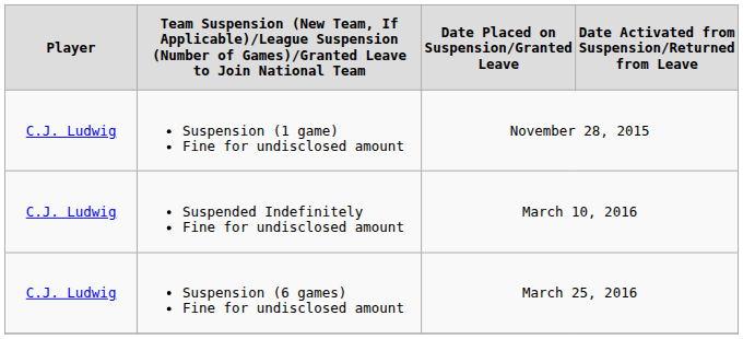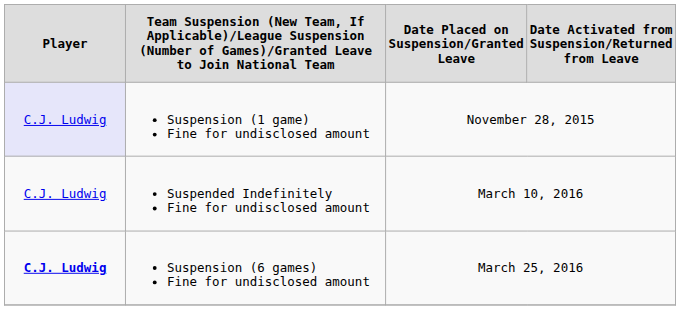 <table class="wikitable" style="text-align: center; width: 700px; height: 75px;">
 <tr align="center" bgcolor="#dddddd">
 <td style="width: 200px; height: 40px;"><strong>Player</strong></td>
 <td style="text-align: center; width: 400px; height: 75px;"><strong>Team Suspension (New Team, If Applicable)/League Suspension (Number of Games)/Granted Leave to Join National Team</strong></td>
 <td><strong>Date Placed on Suspension/Granted Leave</strong></td>
 <td><strong>Date Activated from Suspension/Returned from Leave</strong></td>
 </tr>
 <tr>
-<td><a href='#'>C.J. Ludwig</a></td>
+<td style="background: lavender;"><a href='#'>C.J. Ludwig</a></td>
 <td style="text-align: left"><br><ul><li>Suspension (1 game)</li><li>Fine for undisclosed amount</li></ul></td>
 <td colspan="2">November 28, 2015</td>
 </tr>
 <tr>
 <td><a href='#'>C.J. Ludwig</a></td>
 <td style="text-align: left"><br><ul><li>Suspended Indefinitely</li><li>Fine for undisclosed amount</li></ul></td>
 <td colspan="2">March 10, 2016</td>
 </tr>
 <tr>
-<td><a href='#'>C.J. Ludwig</a></td>
+<td><strong><a href='#'>C.J. Ludwig</a></strong></td>
 <td style="text-align: left"><br><ul><li>Suspension (6 games)</li><li>Fine for undisclosed amount</li></ul></td>
 <td colspan="2">March 25, 2016</td>
 </tr>
 <tr>
 </tr>
 </table>
